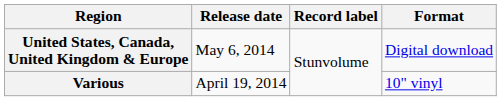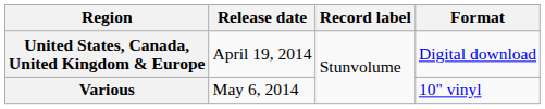 <table class="wikitable plainrowheaders">
 <tr>
 <th scope="col">Region</th>
 <th scope="col">Release date</th>
 <th scope="col">Record label</th>
 <th scope="col">Format</th>
 </tr>
 <tr>
 <th scope="row">United States, Canada,<br>United Kingdom & Europe</th>
-<td>May 6, 2014</td>
+<td>April 19, 2014</td>
 <td rowspan="2">Stunvolume</td>
 <td><a href='#'>Digital download</a></td>
 </tr>
 <tr>
 <th scope="row">Various</th>
-<td>April 19, 2014</td>
+<td>May 6, 2014</td>
 <td><a href='#'>10" vinyl</a></td>
 </tr>
 </table>
